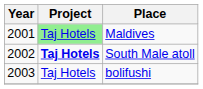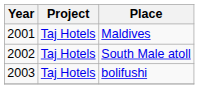 <table class="wikitable sortable">
 <tr>
 <th scope="col">Year</th>
 <th scope="col">Project</th>
 <th scope="col">Place</th>
 </tr>
 <tr>
 <td>2001</td>
-<td style="background: lightgreen;"><a href='#'>Taj Hotels</a></td>
+<td><a href='#'>Taj Hotels</a></td>
 <td><a href='#'>Maldives</a></td>
 </tr>
 <tr>
 <td>2002</td>
-<td><strong><a href='#'>Taj Hotels</a></strong></td>
+<td><a href='#'>Taj Hotels</a></td>
 <td><a href='#'>South Male atoll</a></td>
 </tr>
 <tr>
 <td>2003</td>
 <td><a href='#'>Taj Hotels</a></td>
 <td><a href='#'>bolifushi</a></td>
 </tr>
 <tr>
 </tr>
 </table>
